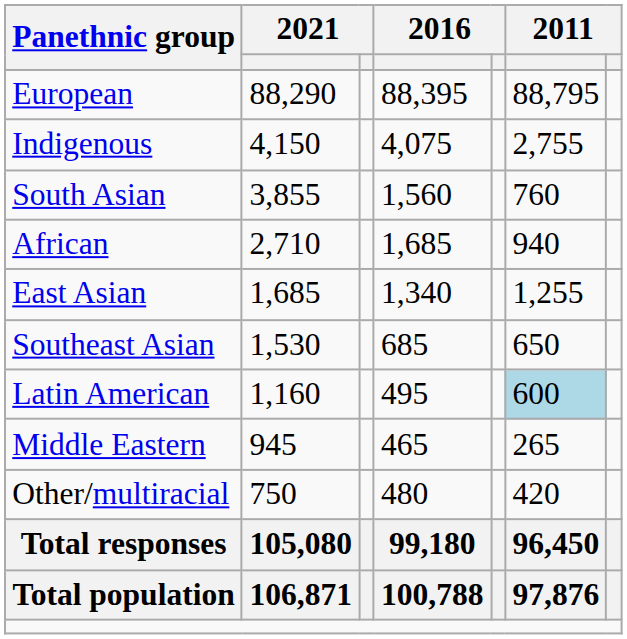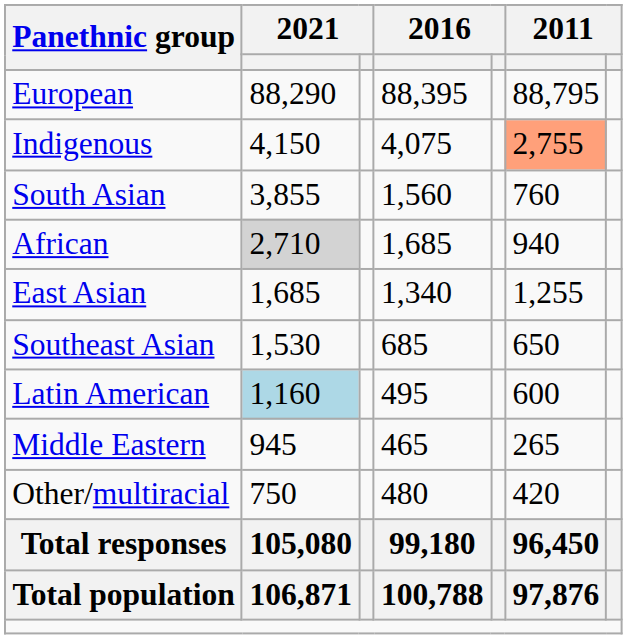 <table class="wikitable collapsible sortable">
 <tr>
 <th rowspan="2"><a href='#'>Panethnic</a> group</th>
 <th colspan="2">2021</th>
 <th colspan="2">2016</th>
 <th colspan="2">2011</th>
 </tr>
 <tr>
 <th><a href='#'></a></th>
 <th></th>
 <th></th>
 <th></th>
 <th></th>
 <th></th>
 </tr>
 <tr>
 <td><a href='#'>European</a></td>
 <td>88,290</td>
 <td></td>
 <td>88,395</td>
 <td></td>
 <td>88,795</td>
 <td></td>
 </tr>
 <tr>
 <td><a href='#'>Indigenous</a></td>
 <td>4,150</td>
 <td></td>
 <td>4,075</td>
 <td></td>
-<td>2,755</td>
+<td style="background: lightsalmon;">2,755</td>
 <td></td>
 </tr>
 <tr>
 <td><a href='#'>South Asian</a></td>
 <td>3,855</td>
 <td></td>
 <td>1,560</td>
 <td></td>
 <td>760</td>
 <td></td>
 </tr>
 <tr>
 <td><a href='#'>African</a></td>
-<td>2,710</td>
+<td style="background: lightgrey;">2,710</td>
 <td></td>
 <td>1,685</td>
 <td></td>
 <td>940</td>
 <td></td>
 </tr>
 <tr>
 <td><a href='#'>East Asian</a></td>
 <td>1,685</td>
 <td></td>
 <td>1,340</td>
 <td></td>
 <td>1,255</td>
 <td></td>
 </tr>
 <tr>
 <td><a href='#'>Southeast Asian</a></td>
 <td>1,530</td>
 <td></td>
 <td>685</td>
 <td></td>
 <td>650</td>
 <td></td>
 </tr>
 <tr>
 <td><a href='#'>Latin American</a></td>
-<td>1,160</td>
+<td style="background: lightblue;">1,160</td>
 <td></td>
 <td>495</td>
 <td></td>
-<td style="background: lightblue;">600</td>
+<td>600</td>
 <td></td>
 </tr>
 <tr>
 <td><a href='#'>Middle Eastern</a></td>
 <td>945</td>
 <td></td>
 <td>465</td>
 <td></td>
 <td>265</td>
 <td></td>
 </tr>
 <tr>
 <td>Other/<a href='#'>multiracial</a></td>
 <td>750</td>
 <td></td>
 <td>480</td>
 <td></td>
 <td>420</td>
 <td></td>
 </tr>
 <tr>
 <th>Total responses</th>
 <th>105,080</th>
 <th></th>
 <th>99,180</th>
 <th></th>
 <th>96,450</th>
 <th></th>
 </tr>
 <tr class="sortbottom">
 <th>Total population</th>
 <th>106,871</th>
 <th></th>
 <th>100,788</th>
 <th></th>
 <th>97,876</th>
 <th></th>
 </tr>
 <tr class="sortbottom">
 <td colspan="15"></td>
 </tr>
 </table>
